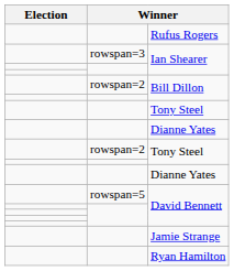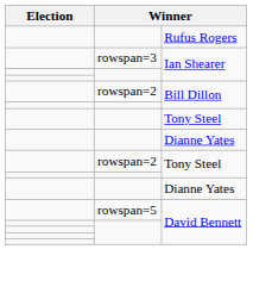 <table class=wikitable>
 <tr>
 <th width=100>Election</th>
 <th width=175 colspan=2>Winner</th>
 </tr>
 <tr>
 <td></td>
 <td></td>
 <td><a href='#'>Rufus Rogers</a></td>
 </tr>
 <tr>
 <td></td>
 <td>rowspan=3 </td>
 <td rowspan=3><a href='#'>Ian Shearer</a></td>
 </tr>
 <tr>
 <td></td>
 </tr>
 <tr>
 <td></td>
 </tr>
 <tr>
 <td></td>
 <td>rowspan=2 </td>
 <td rowspan=2><a href='#'>Bill Dillon</a></td>
 </tr>
 <tr>
 <td></td>
 </tr>
 <tr>
 <td></td>
 <td></td>
 <td><a href='#'>Tony Steel</a></td>
 </tr>
 <tr>
 <td></td>
 <td></td>
 <td><a href='#'>Dianne Yates</a></td>
 </tr>
 <tr>
 <td></td>
 <td>rowspan=2 </td>
 <td rowspan=2>Tony Steel</td>
 </tr>
 <tr>
 <td></td>
 </tr>
 <tr>
 <td></td>
 <td></td>
 <td>Dianne Yates</td>
 </tr>
 <tr>
 <td></td>
 <td>rowspan=5 </td>
 <td rowspan=5><a href='#'>David Bennett</a></td>
 </tr>
 <tr>
 <td></td>
 </tr>
 <tr>
 <td></td>
 </tr>
 <tr>
 <td></td>
 </tr>
 <tr>
 <td></td>
 </tr>
-<tr>
-<td></td>
-<td></td>
-<td><a href='#'>Jamie Strange</a></td>
-</tr>
-<tr>
-<td></td>
-<td></td>
-<td><a href='#'>Ryan Hamilton</a></td>
-</tr>
 </table>
